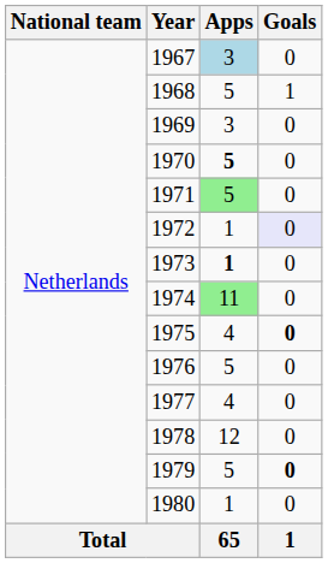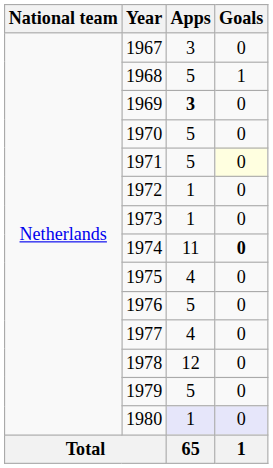 <table class="wikitable" style="text-align:center">
 <tr>
 <th>National team</th>
 <th>Year</th>
 <th>Apps</th>
 <th>Goals</th>
 </tr>
 <tr>
 <td rowspan="14"><a href='#'>Netherlands</a></td>
 <td>1967</td>
-<td style="background: lightblue;">3</td>
+<td>3</td>
 <td>0</td>
 </tr>
 <tr>
 <td>1968</td>
 <td>5</td>
 <td>1</td>
 </tr>
 <tr>
 <td>1969</td>
-<td>3</td>
+<td><strong>3</strong></td>
 <td>0</td>
 </tr>
 <tr>
 <td>1970</td>
-<td><strong>5</strong></td>
+<td>5</td>
 <td>0</td>
 </tr>
 <tr>
 <td>1971</td>
-<td style="background: lightgreen;">5</td>
-<td>0</td>
+<td>5</td>
+<td style="background: lightyellow;">0</td>
 </tr>
 <tr>
 <td>1972</td>
 <td>1</td>
-<td style="background: lavender;">0</td>
+<td>0</td>
 </tr>
 <tr>
 <td>1973</td>
-<td><strong>1</strong></td>
+<td>1</td>
 <td>0</td>
 </tr>
 <tr>
 <td>1974</td>
-<td style="background: lightgreen;">11</td>
-<td>0</td>
+<td>11</td>
+<td><strong>0</strong></td>
 </tr>
 <tr>
 <td>1975</td>
 <td>4</td>
-<td><strong>0</strong></td>
+<td>0</td>
 </tr>
 <tr>
 <td>1976</td>
 <td>5</td>
 <td>0</td>
 </tr>
 <tr>
 <td>1977</td>
 <td>4</td>
 <td>0</td>
 </tr>
 <tr>
 <td>1978</td>
 <td>12</td>
 <td>0</td>
 </tr>
 <tr>
 <td>1979</td>
 <td>5</td>
-<td><strong>0</strong></td>
+<td>0</td>
 </tr>
 <tr>
 <td>1980</td>
-<td>1</td>
-<td>0</td>
+<td style="background: lavender;">1</td>
+<td style="background: lavender;">0</td>
 </tr>
 <tr>
 <th colspan="2">Total</th>
 <th>65</th>
 <th>1</th>
 </tr>
 </table>
